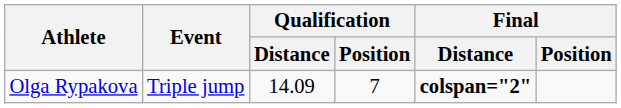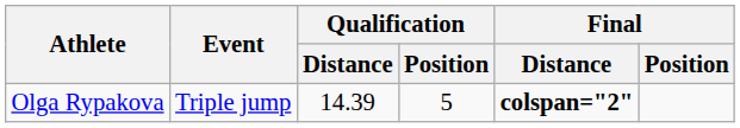 <table class="wikitable">
 <tr>
 <th rowspan="2">Athlete</th>
 <th rowspan="2">Event</th>
 <th colspan="2">Qualification</th>
 <th colspan="2">Final</th>
 </tr>
 <tr>
 <th>Distance</th>
 <th>Position</th>
 <th>Distance</th>
 <th>Position</th>
 </tr>
 <tr style=text-align:center>
 <td style=text-align:left><a href='#'>Olga Rypakova</a></td>
 <td style=text-align:left><a href='#'>Triple jump</a></td>
-<td>14.09</td>
-<td>7</td>
+<td>14.39</td>
+<td>5</td>
 <td><strong>colspan="2" </strong></td>
 </tr>
 </table>
